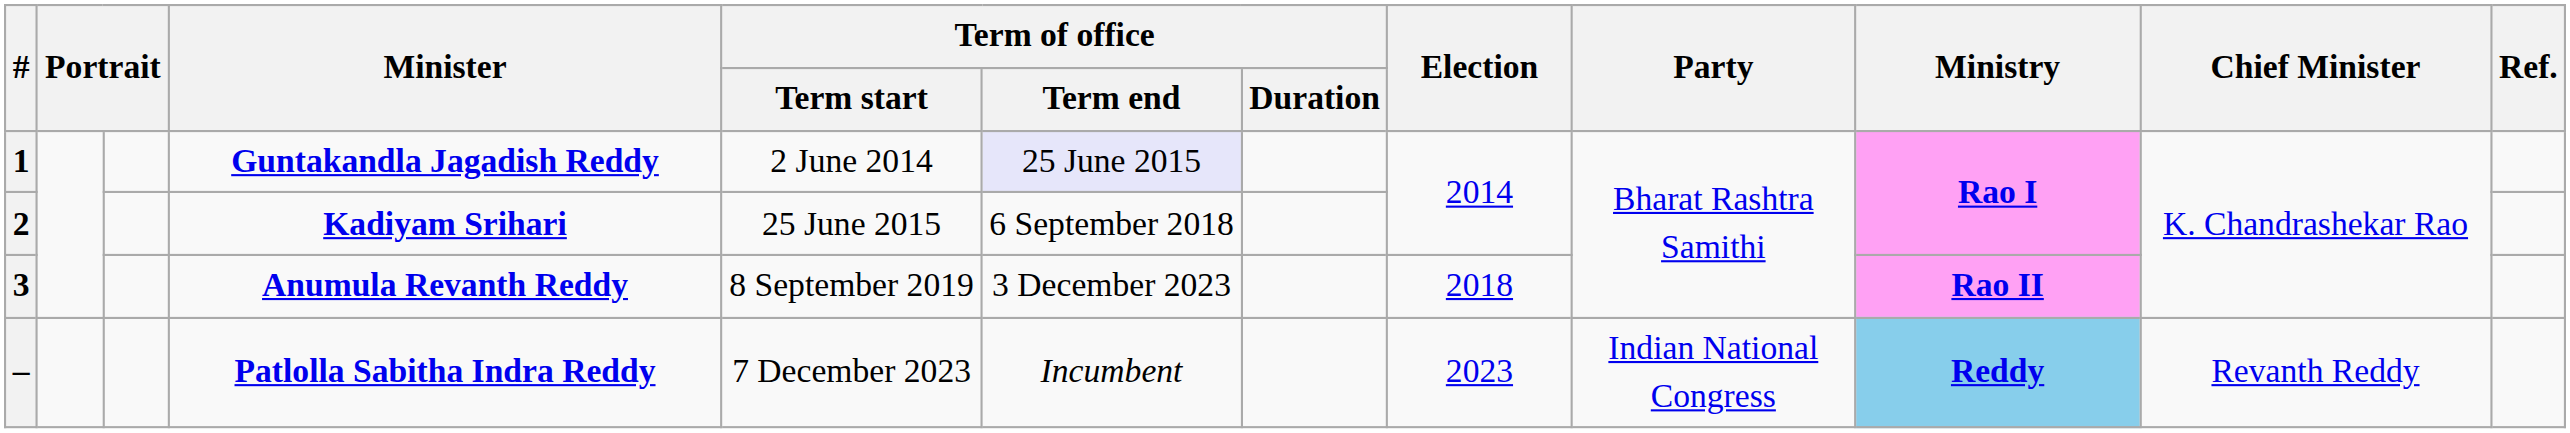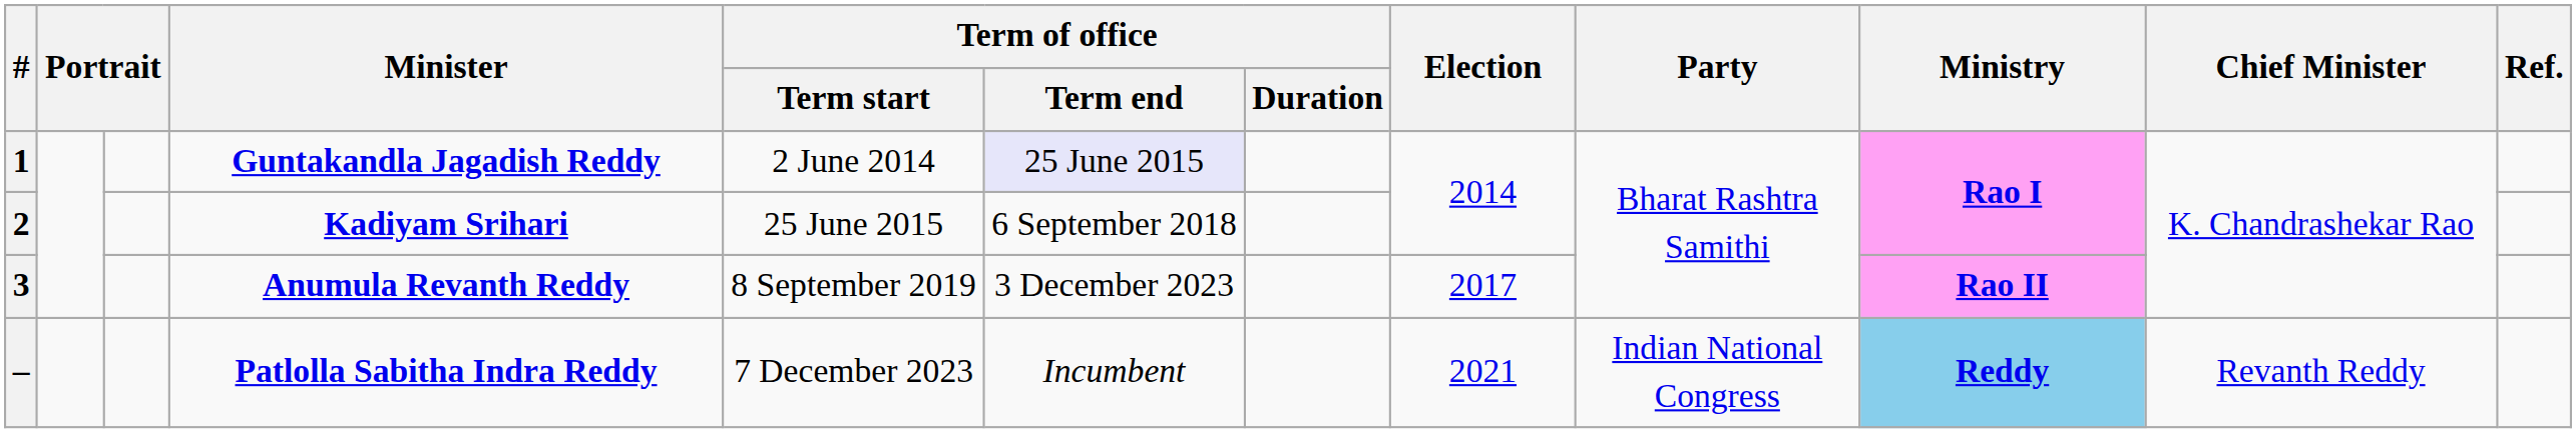 <table class="wikitable" style="line-height:1.4em; text-align:center">
 <tr>
 <th rowspan=2>#</th>
 <th rowspan=2 colspan="2">Portrait</th>
 <th rowspan=2 style="width:16em">Minister<br></th>
 <th colspan="3">Term of office</th>
 <th rowspan=2 style="width:5em">Election<br></th>
 <th rowspan=2 style="width:8em">Party</th>
 <th rowspan=2 style="width:8em">Ministry</th>
 <th rowspan=2 style="width:10em">Chief Minister</th>
 <th rowspan=2>Ref.</th>
 </tr>
 <tr>
 <th>Term start</th>
 <th>Term end</th>
 <th>Duration</th>
 </tr>
 <tr>
 <th>1</th>
 <td rowspan=3></td>
 <td></td>
 <td><strong><a href='#'>Guntakandla Jagadish Reddy</a><br></strong></td>
 <td>2 June 2014</td>
 <td style="background: lavender;">25 June 2015</td>
 <td><strong></strong></td>
 <td rowspan=2><a href='#'>2014</a><br></td>
 <td rowspan="3"><a href='#'>Bharat Rashtra Samithi</a></td>
 <td rowspan=2 bgcolor="#FFA1F4"><strong><a href='#'>Rao I</a></strong></td>
 <td rowspan="3"><a href='#'>K. Chandrashekar Rao</a></td>
 <td></td>
 </tr>
 <tr>
 <th>2</th>
 <td></td>
 <td><strong><a href='#'>Kadiyam Srihari</a><br></strong></td>
 <td>25 June 2015</td>
 <td>6 September 2018</td>
 <td><strong></strong></td>
 <td></td>
 </tr>
 <tr>
 <th>3</th>
 <td></td>
 <td><strong><a href='#'>Anumula Revanth Reddy</a><br></strong></td>
 <td>8 September 2019</td>
 <td>3 December 2023</td>
 <td><strong></strong></td>
-<td><a href='#'>2018</a><br></td>
+<td><a href='#'>2017</a><br></td>
 <td bgcolor="#FFA1F4"><strong><a href='#'>Rao II</a></strong></td>
 <td></td>
 </tr>
 <tr>
 <th>–</th>
 <td></td>
 <td></td>
 <td><strong><a href='#'>Patlolla Sabitha Indra Reddy</a><br></strong></td>
 <td>7 December 2023</td>
 <td><em>Incumbent</em></td>
 <td><strong></strong></td>
-<td><a href='#'>2023</a><br></td>
+<td><a href='#'>2021</a><br></td>
 <td><a href='#'>Indian National Congress</a></td>
 <td bgcolor="#87CEEB"><strong><a href='#'>Reddy</a></strong></td>
 <td><a href='#'>Revanth Reddy</a></td>
 <td></td>
 </tr>
 </table>
